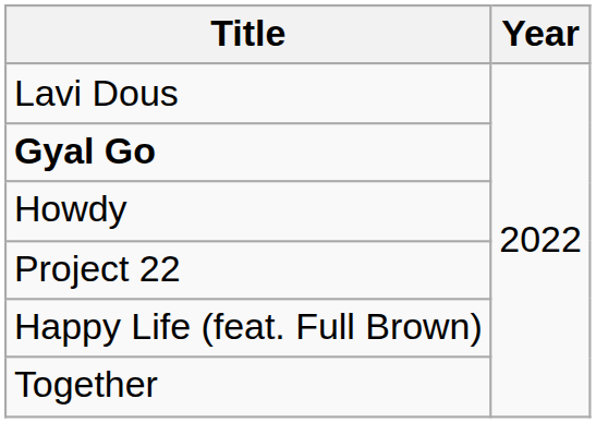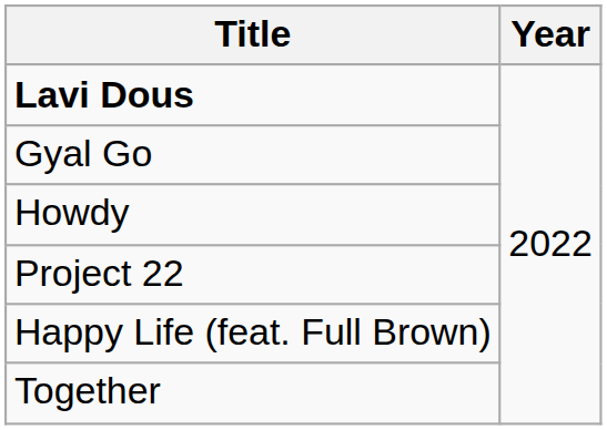 <table class="wikitable">
 <tr>
 <th>Title</th>
 <th>Year</th>
 </tr>
 <tr>
-<td>Lavi Dous</td>
+<td><strong>Lavi Dous</strong></td>
 <td rowspan="6">2022</td>
 </tr>
 <tr>
-<td><strong>Gyal Go</strong></td>
+<td>Gyal Go</td>
 </tr>
 <tr>
 <td>Howdy</td>
 </tr>
 <tr>
 <td>Project 22</td>
 </tr>
 <tr>
 <td>Happy Life (feat. Full Brown)</td>
 </tr>
 <tr>
 <td>Together</td>
 </tr>
 </table>
